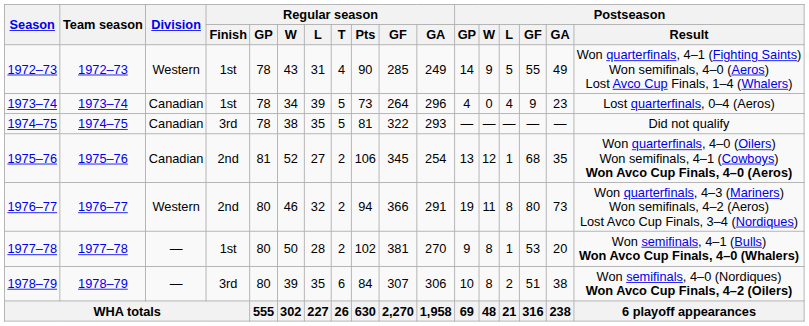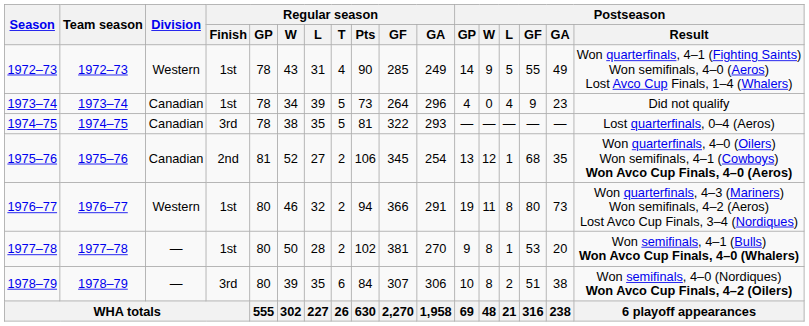 <table class="wikitable" style="text-align:center; font-size:95%;">
 <tr>
 <th rowspan="2"><a href='#'>Season</a></th>
 <th rowspan="2">Team season</th>
 <th rowspan="2"><a href='#'>Division</a></th>
 <th colspan="8">Regular season</th>
 <th colspan="6">Postseason</th>
 </tr>
 <tr>
 <th>Finish</th>
 <th>GP</th>
 <th>W</th>
 <th>L</th>
 <th>T</th>
 <th>Pts</th>
 <th>GF</th>
 <th>GA</th>
 <th>GP</th>
 <th>W</th>
 <th>L</th>
 <th>GF</th>
 <th>GA</th>
 <th>Result</th>
 </tr>
 <tr>
 <td><a href='#'>1972–73</a></td>
 <td><a href='#'>1972–73</a></td>
 <td>Western</td>
 <td>1st</td>
 <td>78</td>
 <td>43</td>
 <td>31</td>
 <td>4</td>
 <td>90</td>
 <td>285</td>
 <td>249</td>
 <td>14</td>
 <td>9</td>
 <td>5</td>
 <td>55</td>
 <td>49</td>
 <td>Won <a href='#'>quarterfinals</a>, 4–1 (<a href='#'>Fighting Saints</a>)<br>Won semifinals, 4–0 (<a href='#'>Aeros</a>)<br>Lost <a href='#'>Avco Cup</a> Finals, 1–4 (<a href='#'>Whalers</a>)</td>
 </tr>
 <tr>
 <td><a href='#'>1973–74</a></td>
 <td><a href='#'>1973–74</a></td>
 <td>Canadian</td>
 <td>1st</td>
 <td>78</td>
 <td>34</td>
 <td>39</td>
 <td>5</td>
 <td>73</td>
 <td>264</td>
 <td>296</td>
 <td>4</td>
 <td>0</td>
 <td>4</td>
 <td>9</td>
 <td>23</td>
-<td>Lost <a href='#'>quarterfinals</a>, 0–4 (Aeros)</td>
+<td>Did not qualify</td>
 </tr>
 <tr>
 <td><a href='#'>1974–75</a></td>
 <td><a href='#'>1974–75</a></td>
 <td>Canadian</td>
 <td>3rd</td>
 <td>78</td>
 <td>38</td>
 <td>35</td>
 <td>5</td>
 <td>81</td>
 <td>322</td>
 <td>293</td>
 <td>—</td>
 <td>—</td>
 <td>—</td>
 <td>—</td>
 <td>—</td>
-<td>Did not qualify</td>
+<td>Lost <a href='#'>quarterfinals</a>, 0–4 (Aeros)</td>
 </tr>
 <tr>
 <td><a href='#'>1975–76</a></td>
 <td><a href='#'>1975–76</a></td>
 <td>Canadian</td>
 <td>2nd</td>
 <td>81</td>
 <td>52</td>
 <td>27</td>
 <td>2</td>
 <td>106</td>
 <td>345</td>
 <td>254</td>
 <td>13</td>
 <td>12</td>
 <td>1</td>
 <td>68</td>
 <td>35</td>
 <td>Won <a href='#'>quarterfinals</a>, 4–0 (<a href='#'>Oilers</a>)<br>Won semifinals, 4–1 (<a href='#'>Cowboys</a>)<br><strong>Won Avco Cup Finals, 4–0 (Aeros)</strong></td>
 </tr>
 <tr>
 <td><a href='#'>1976–77</a></td>
 <td><a href='#'>1976–77</a></td>
 <td>Western</td>
-<td>2nd</td>
+<td>1st</td>
 <td>80</td>
 <td>46</td>
 <td>32</td>
 <td>2</td>
 <td>94</td>
 <td>366</td>
 <td>291</td>
 <td>19</td>
 <td>11</td>
 <td>8</td>
 <td>80</td>
 <td>73</td>
 <td>Won <a href='#'>quarterfinals</a>, 4–3 (<a href='#'>Mariners</a>)<br>Won semifinals, 4–2 (Aeros)<br>Lost Avco Cup Finals, 3–4 (<a href='#'>Nordiques</a>)</td>
 </tr>
 <tr>
 <td><a href='#'>1977–78</a></td>
 <td><a href='#'>1977–78</a></td>
 <td>—</td>
 <td>1st</td>
 <td>80</td>
 <td>50</td>
 <td>28</td>
 <td>2</td>
 <td>102</td>
 <td>381</td>
 <td>270</td>
 <td>9</td>
 <td>8</td>
 <td>1</td>
 <td>53</td>
 <td>20</td>
 <td>Won <a href='#'>semifinals</a>, 4–1 (<a href='#'>Bulls</a>)<br><strong>Won Avco Cup Finals, 4–0 (Whalers)</strong></td>
 </tr>
 <tr>
 <td><a href='#'>1978–79</a></td>
 <td><a href='#'>1978–79</a></td>
 <td>—</td>
 <td>3rd</td>
 <td>80</td>
 <td>39</td>
 <td>35</td>
 <td>6</td>
 <td>84</td>
 <td>307</td>
 <td>306</td>
 <td>10</td>
 <td>8</td>
 <td>2</td>
 <td>51</td>
 <td>38</td>
 <td>Won <a href='#'>semifinals</a>, 4–0 (Nordiques)<br><strong>Won Avco Cup Finals, 4–2 (Oilers)</strong></td>
 </tr>
 <tr>
 <th colspan="4">WHA totals</th>
 <th>555</th>
 <th>302</th>
 <th>227</th>
 <th>26</th>
 <th>630</th>
 <th>2,270</th>
 <th>1,958</th>
 <th>69</th>
 <th>48</th>
 <th>21</th>
 <th>316</th>
 <th>238</th>
 <th>6 playoff appearances</th>
 </tr>
 </table>
